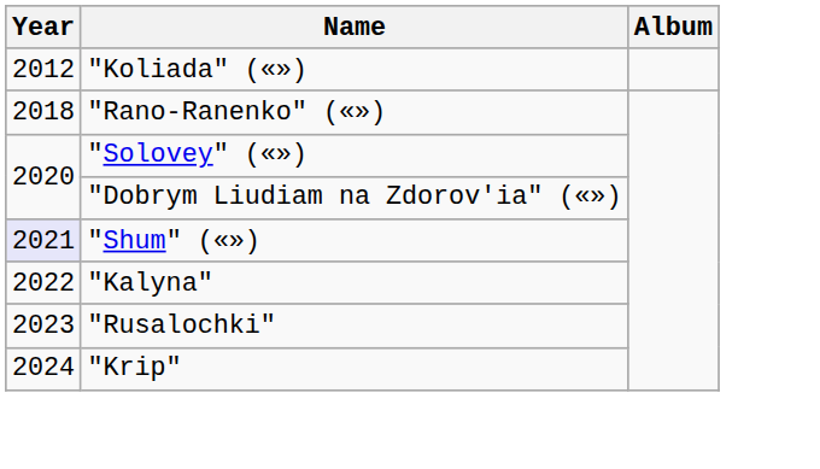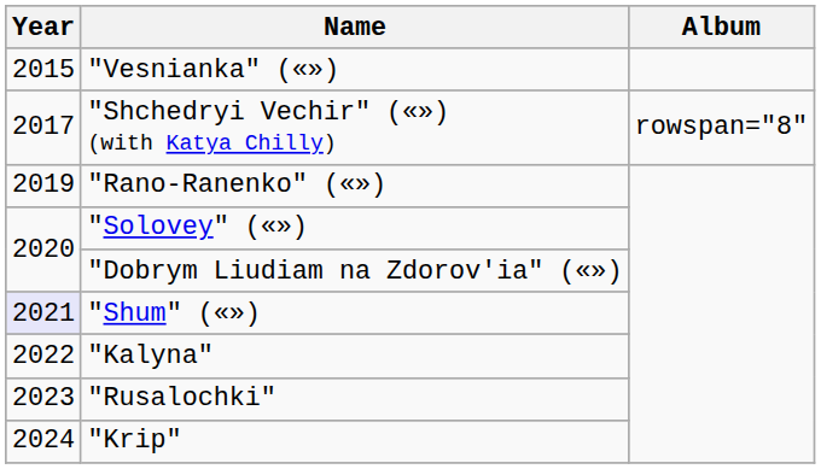 <table class="wikitable" style="text-align:center">
 <tr>
 <th rowspan="1">Year</th>
 <th rowspan="1">Name</th>
 <th rowspan="1">Album</th>
 </tr>
 <tr>
-<td>2012</td>
-<td align=left>"Koliada" («»)</td>
-<td></td>
+<td>2015</td>
+<td align=left>"Vesnianka" («»)</td>
+<td><em></em></td>
 </tr>
 <tr>
-<td>2018</td>
+<td>2017</td>
+<td align=left>"Shchedryi Vechir" («»)<br><small>(with <a href='#'>Katya Chilly</a>)</small></td>
+<td>rowspan="8" </td>
+</tr>
+<tr>
+<td>2019</td>
 <td align=left>"Rano-Ranenko" («»)</td>
 </tr>
 <tr>
 <td rowspan="2">2020</td>
 <td align=left>"<a href='#'>Solovey</a>" («»)</td>
 </tr>
 <tr>
 <td align=left>"Dobrym Liudiam na Zdorov'ia" («»)</td>
 </tr>
 <tr>
 <td style="background: lavender;">2021</td>
 <td align=left>"<a href='#'>Shum</a>" («»)</td>
 </tr>
 <tr>
 <td>2022</td>
 <td align=left>"Kalyna" </td>
 </tr>
 <tr>
 <td>2023</td>
 <td align=left>"Rusalochki"</td>
 </tr>
 <tr>
 <td>2024</td>
 <td align=left>"Krip"</td>
 </tr>
 </table>
